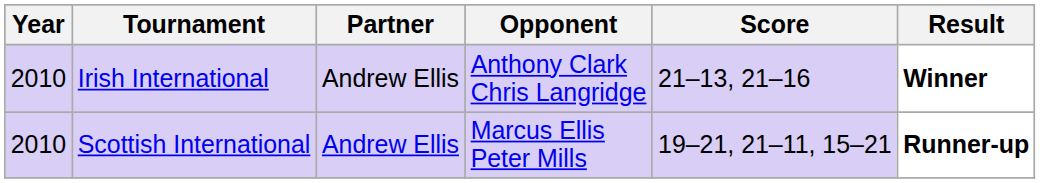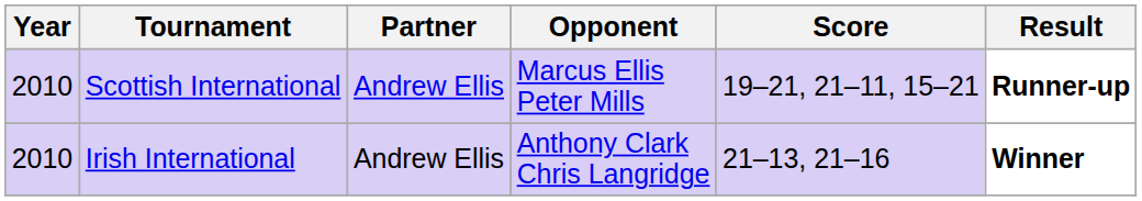 <table class="sortable wikitable" style="font-size: 90%;">
 <tr>
 <th>Year</th>
 <th>Tournament</th>
 <th>Partner</th>
 <th>Opponent</th>
 <th>Score</th>
 <th>Result</th>
 </tr>
 <tr style="background:#D8CEF6">
 <td align="center">2010</td>
+<td align="left"><a href='#'>Scottish International</a></td>
+<td align="left"> <a href='#'>Andrew Ellis</a></td>
+<td align="left"> <a href='#'>Marcus Ellis</a> <br>  <a href='#'>Peter Mills</a></td>
+<td align="left">19–21, 21–11, 15–21</td>
+<td style="text-align:left; background:white"> <strong>Runner-up</strong></td>
+</tr>
+<tr style="background:#D8CEF6">
+<td align="center">2010</td>
 <td align="left"><a href='#'>Irish International</a></td>
 <td align="left"> Andrew Ellis</td>
 <td align="left"> <a href='#'>Anthony Clark</a> <br>  <a href='#'>Chris Langridge</a></td>
 <td align="left">21–13, 21–16</td>
 <td style="text-align:left; background:white"> <strong>Winner</strong></td>
 </tr>
-<tr style="background:#D8CEF6">
-<td align="center">2010</td>
-<td align="left"><a href='#'>Scottish International</a></td>
-<td align="left"> <a href='#'>Andrew Ellis</a></td>
-<td align="left"> <a href='#'>Marcus Ellis</a> <br>  <a href='#'>Peter Mills</a></td>
-<td align="left">19–21, 21–11, 15–21</td>
-<td style="text-align:left; background:white"> <strong>Runner-up</strong></td>
-</tr>
 </table>
